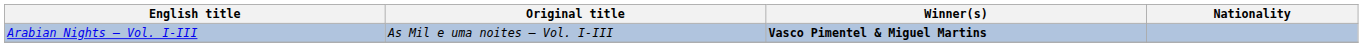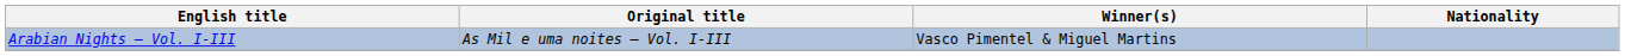 <table class="wikitable" width="95%" cellpadding="5">
 <tr>
 <th width="18%">English title</th>
 <th width="18%">Original title</th>
 <th width="18%">Winner(s)</th>
 <th width="10%">Nationality</th>
 </tr>
 <tr style="background:#B0C4DE;">
 <td><em><a href='#'>Arabian Nights – Vol. I-III</a></em></td>
 <td><em>As Mil e uma noites – Vol. I-III</em></td>
-<td><strong>Vasco Pimentel & Miguel Martins</strong></td>
+<td>Vasco Pimentel & Miguel Martins</td>
 <td></td>
 </tr>
 <tr>
 </tr>
 </table>
